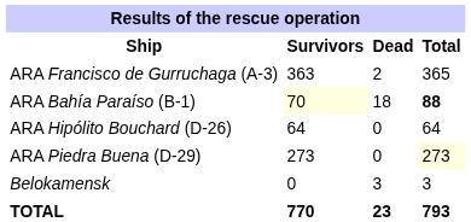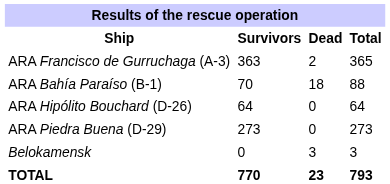 <table class="toccolours" cellspacing="0" cellpadding="4" align="right" style="margin:0 0 1em 1em; font-size: 95%;">
 <tr>
 <th colspan="4" align="center" bgcolor="#ccccff">Results of the rescue operation</th>
 </tr>
 <tr>
 <th>Ship</th>
 <th>Survivors</th>
 <th>Dead</th>
 <th>Total</th>
 </tr>
 <tr>
 <td>ARA <em>Francisco de Gurruchaga</em> (A-3)</td>
 <td>363</td>
 <td>2</td>
 <td>365</td>
 </tr>
 <tr>
 <td>ARA <em>Bahía Paraíso</em> (B-1)</td>
-<td style="background: lightyellow;">70</td>
+<td>70</td>
 <td>18</td>
-<td><strong>88</strong></td>
+<td>88</td>
 </tr>
 <tr>
 <td>ARA <em>Hipólito Bouchard</em> (D-26)</td>
 <td>64</td>
 <td>0</td>
 <td>64</td>
 </tr>
 <tr>
 <td>ARA <em>Piedra Buena</em> (D-29)</td>
 <td>273</td>
 <td>0</td>
-<td style="background: lightyellow;">273</td>
+<td>273</td>
 </tr>
 <tr>
 <td><em>Belokamensk</em></td>
 <td>0</td>
 <td>3</td>
 <td>3</td>
 </tr>
 <tr>
 <td><strong>TOTAL</strong></td>
 <td><strong>770</strong></td>
 <td><strong>23</strong></td>
 <td><strong>793</strong></td>
 </tr>
 </table>
